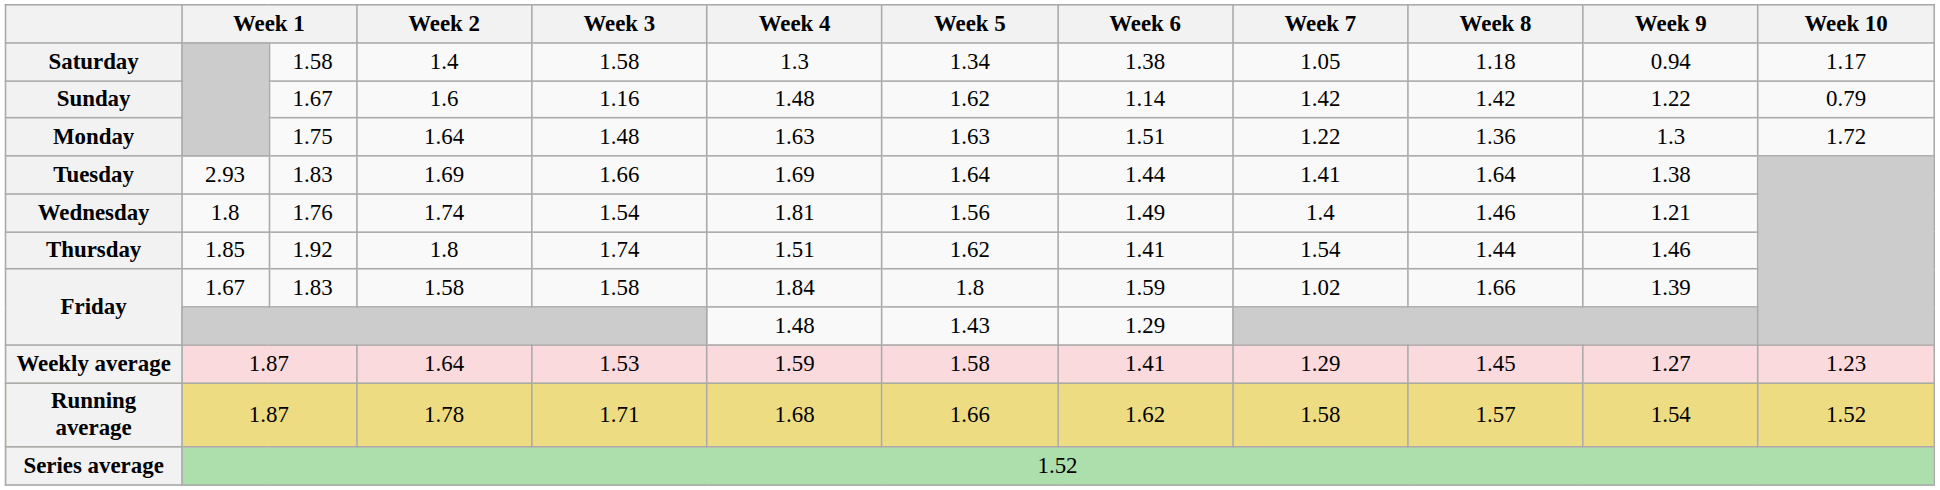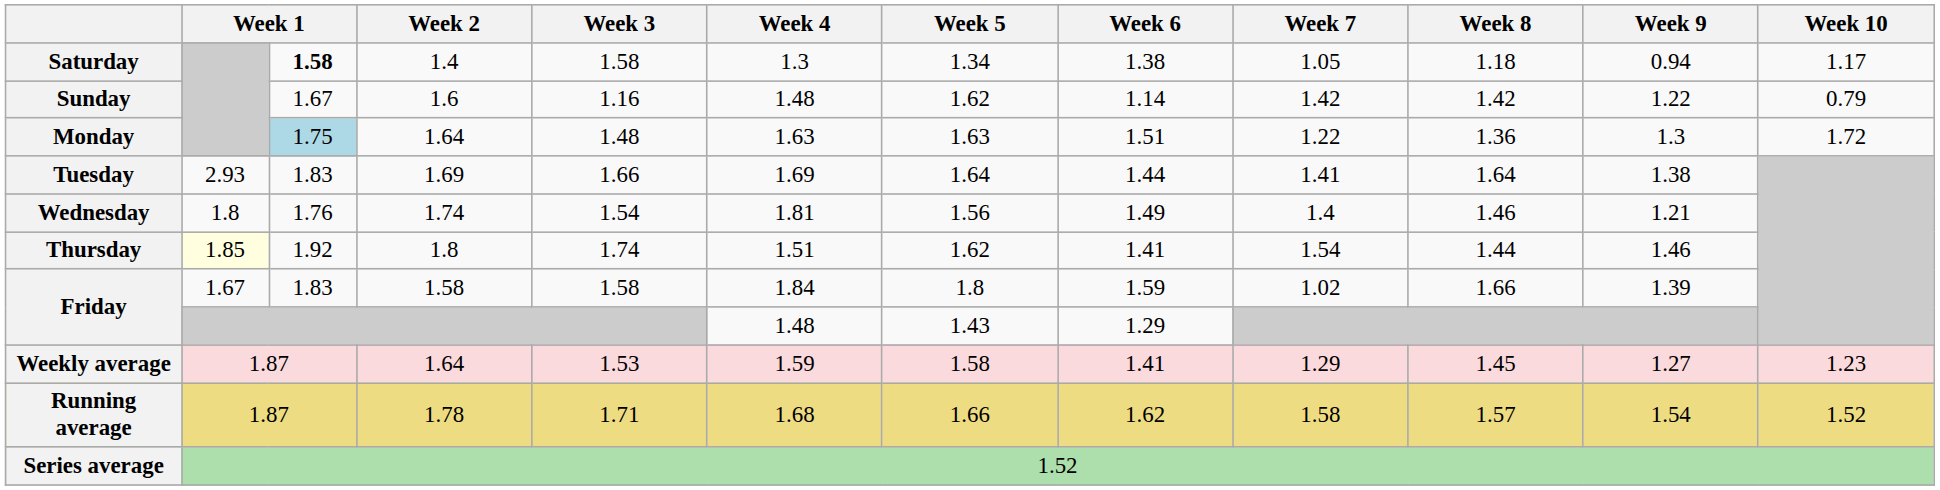 <table class="wikitable" style="font-size:90%; text-align:center; width: 96%; margin-left: auto; margin-right: auto;">
 <tr>
 <th style="width:8%"></th>
 <th style="width:8%" colspan=2>Week 1</th>
 <th style="width:8%">Week 2</th>
 <th style="width:8%">Week 3</th>
 <th style="width:8%">Week 4</th>
 <th style="width:8%">Week 5</th>
 <th style="width:8%">Week 6</th>
 <th style="width:8%">Week 7</th>
 <th style="width:8%">Week 8</th>
 <th style="width:8%">Week 9</th>
 <th style="width:8%">Week 10</th>
 </tr>
 <tr>
 <th>Saturday</th>
 <td style="background:#ccc;" rowspan="3"></td>
-<td>1.58</td>
+<td><strong>1.58</strong></td>
 <td>1.4</td>
 <td>1.58</td>
 <td>1.3</td>
 <td>1.34</td>
 <td>1.38</td>
 <td>1.05</td>
 <td>1.18</td>
 <td>0.94</td>
 <td>1.17</td>
 </tr>
 <tr>
 <th>Sunday</th>
 <td>1.67</td>
 <td>1.6</td>
 <td>1.16</td>
 <td>1.48</td>
 <td>1.62</td>
 <td>1.14</td>
 <td>1.42</td>
 <td>1.42</td>
 <td>1.22</td>
 <td>0.79</td>
 </tr>
 <tr>
 <th>Monday</th>
-<td>1.75</td>
+<td style="background: lightblue;">1.75</td>
 <td>1.64</td>
 <td>1.48</td>
 <td>1.63</td>
 <td>1.63</td>
 <td>1.51</td>
 <td>1.22</td>
 <td>1.36</td>
 <td>1.3</td>
 <td>1.72</td>
 </tr>
 <tr>
 <th>Tuesday</th>
 <td>2.93</td>
 <td>1.83</td>
 <td>1.69</td>
 <td>1.66</td>
 <td>1.69</td>
 <td>1.64</td>
 <td>1.44</td>
 <td>1.41</td>
 <td>1.64</td>
 <td>1.38</td>
 <td style="background:#ccc;" rowspan="5"></td>
 </tr>
 <tr>
 <th>Wednesday</th>
 <td>1.8</td>
 <td>1.76</td>
 <td>1.74</td>
 <td>1.54</td>
 <td>1.81</td>
 <td>1.56</td>
 <td>1.49</td>
 <td>1.4</td>
 <td>1.46</td>
 <td>1.21</td>
 </tr>
 <tr>
 <th>Thursday</th>
-<td>1.85</td>
+<td style="background: lightyellow;">1.85</td>
 <td>1.92</td>
 <td>1.8</td>
 <td>1.74</td>
 <td>1.51</td>
 <td>1.62</td>
 <td>1.41</td>
 <td>1.54</td>
 <td>1.44</td>
 <td>1.46</td>
 </tr>
 <tr>
 <th rowspan="2">Friday</th>
 <td>1.67</td>
 <td>1.83</td>
 <td>1.58</td>
 <td>1.58</td>
 <td>1.84</td>
 <td>1.8</td>
 <td>1.59</td>
 <td>1.02</td>
 <td>1.66</td>
 <td>1.39</td>
 </tr>
 <tr>
 <td style="background:#ccc;" colspan="4"></td>
 <td>1.48</td>
 <td>1.43</td>
 <td>1.29</td>
 <td style="background:#ccc;" colspan="3"></td>
 </tr>
 <tr style="background:#FADADD;"|>
 <th>Weekly average</th>
 <td colspan=2>1.87</td>
 <td>1.64</td>
 <td>1.53</td>
 <td>1.59</td>
 <td>1.58</td>
 <td>1.41</td>
 <td>1.29</td>
 <td>1.45</td>
 <td>1.27</td>
 <td>1.23</td>
 </tr>
 <tr style="background:#EEDC82;" |>
 <th>Running average</th>
 <td colspan=2>1.87</td>
 <td>1.78</td>
 <td>1.71</td>
 <td>1.68</td>
 <td>1.66</td>
 <td>1.62</td>
 <td>1.58</td>
 <td>1.57</td>
 <td>1.54</td>
 <td>1.52</td>
 </tr>
 <tr style="background:#ADDFAD;" |>
 <th>Series average</th>
 <td colspan="12">1.52</td>
 </tr>
 </table>
